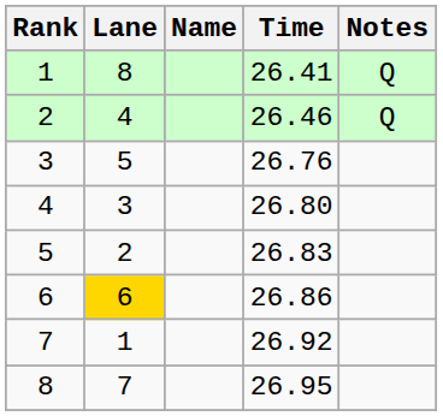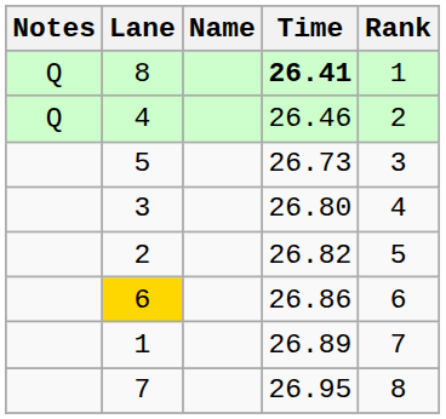 <table class="wikitable sortable" style="text-align:center">
 <tr>
-<th>Rank</th>
+<th>Notes</th>
 <th>Lane</th>
 <th>Name</th>
 <th>Time</th>
-<th>Notes</th>
+<th>Rank</th>
 </tr>
 <tr bgcolor=ccffcc>
-<td>1</td>
+<td>Q</td>
 <td>8</td>
 <td align=left></td>
-<td>26.41</td>
-<td>Q</td>
+<td><strong>26.41</strong></td>
+<td>1</td>
 </tr>
 <tr bgcolor=ccffcc>
-<td>2</td>
+<td>Q</td>
 <td>4</td>
 <td align=left></td>
 <td>26.46</td>
-<td>Q</td>
+<td>2</td>
 </tr>
 <tr>
-<td>3</td>
+<td></td>
 <td>5</td>
 <td align=left></td>
-<td>26.76</td>
-<td></td>
+<td>26.73</td>
+<td>3</td>
 </tr>
 <tr>
-<td>4</td>
+<td></td>
 <td>3</td>
 <td align=left></td>
 <td>26.80</td>
-<td></td>
+<td>4</td>
 </tr>
 <tr>
-<td>5</td>
+<td></td>
 <td>2</td>
 <td align=left></td>
-<td>26.83</td>
-<td></td>
+<td>26.82</td>
+<td>5</td>
 </tr>
 <tr>
-<td>6</td>
+<td></td>
 <td style="background: gold;">6</td>
 <td align=left></td>
 <td>26.86</td>
-<td></td>
+<td>6</td>
 </tr>
 <tr>
-<td>7</td>
+<td></td>
 <td>1</td>
 <td align=left></td>
-<td>26.92</td>
-<td></td>
+<td>26.89</td>
+<td>7</td>
 </tr>
 <tr>
-<td>8</td>
+<td></td>
 <td>7</td>
 <td align=left></td>
 <td>26.95</td>
-<td></td>
+<td>8</td>
 </tr>
 </table>
